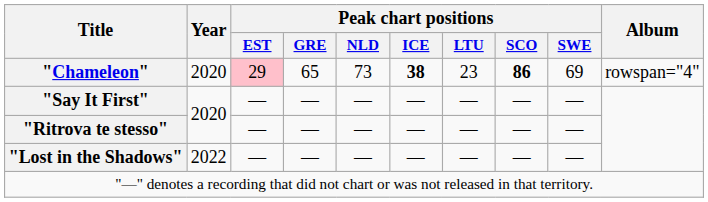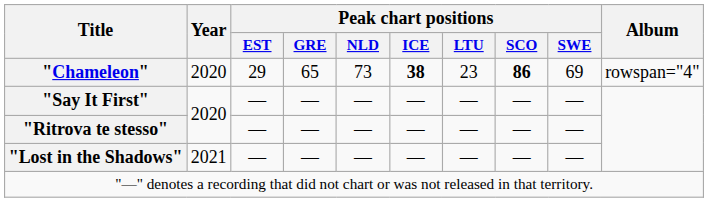 <table class="wikitable plainrowheaders" style="text-align:center;">
 <tr>
 <th scope="col" rowspan="2">Title</th>
 <th scope="col" rowspan="2">Year</th>
 <th scope="col" colspan="7">Peak chart positions</th>
 <th scope="col" rowspan="2">Album</th>
 </tr>
 <tr>
 <th scope="col" style="width:3em;font-size:85%;"><a href='#'>EST</a><br></th>
 <th scope="col" style="width:3em;font-size:85%;"><a href='#'>GRE</a><br></th>
 <th scope="col" style="width:3em;font-size:85%;"><a href='#'>NLD</a><br></th>
 <th scope="col" style="width:3em;font-size:85%;"><a href='#'>ICE</a><br></th>
 <th scope="col" style="width:3em;font-size:85%;"><a href='#'>LTU</a><br></th>
 <th scope="col" style="width:3em;font-size:85%;"><a href='#'>SCO</a><br></th>
 <th scope="col" style="width:3em;font-size:85%;"><a href='#'>SWE</a><br></th>
 </tr>
 <tr>
 <th scope="row">"<a href='#'>Chameleon</a>"</th>
 <td>2020</td>
-<td style="background: pink;">29</td>
+<td>29</td>
 <td>65</td>
 <td>73</td>
 <td><strong>38</strong></td>
 <td>23</td>
 <td><strong>86</strong></td>
 <td>69</td>
 <td>rowspan="4" </td>
 </tr>
 <tr>
 <th scope="row">"Say It First"</th>
 <td rowspan="2">2020</td>
 <td>—</td>
 <td>—</td>
 <td>—</td>
 <td>—</td>
 <td>—</td>
 <td>—</td>
 <td>—</td>
 </tr>
 <tr>
 <th scope="row">"Ritrova te stesso"</th>
 <td>—</td>
 <td>—</td>
 <td>—</td>
 <td>—</td>
 <td>—</td>
 <td>—</td>
 <td>—</td>
 </tr>
 <tr>
 <th scope="row">"Lost in the Shadows"</th>
-<td>2022</td>
+<td>2021</td>
 <td>—</td>
 <td>—</td>
 <td>—</td>
 <td>—</td>
 <td>—</td>
 <td>—</td>
 <td>—</td>
 </tr>
 <tr>
 <td colspan="10" style="font-size:85%">"—" denotes a recording that did not chart or was not released in that territory.</td>
 </tr>
 </table>
